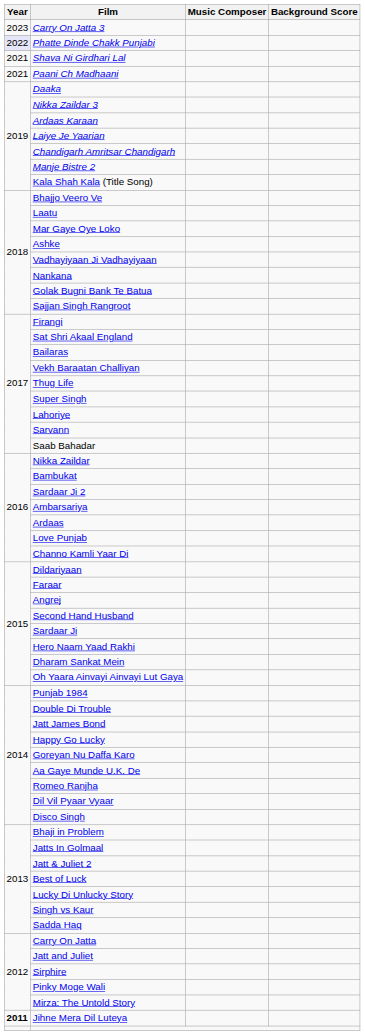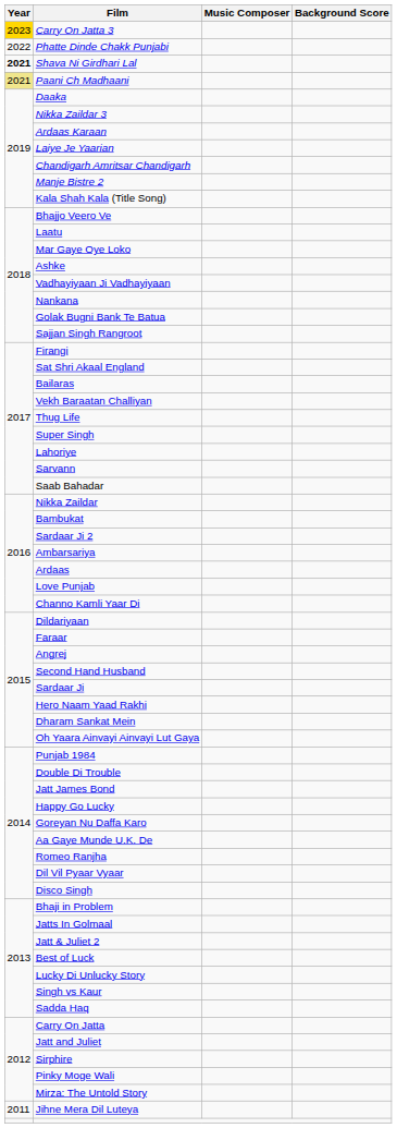 <table class="wikitable sortable">
 <tr>
 <th>Year</th>
 <th>Film</th>
 <th>Music Composer</th>
 <th>Background Score</th>
 </tr>
 <tr>
-<td>2023</td>
+<td style="background: gold;">2023</td>
 <td><a href='#'><em>Carry On Jatta 3</em></a></td>
 <td></td>
 <td></td>
 </tr>
 <tr>
-<td style="background: lavender;">2022</td>
+<td>2022</td>
 <td><em><a href='#'>Phatte Dinde Chakk Punjabi</a></em></td>
 <td></td>
 <td></td>
 </tr>
 <tr>
-<td>2021</td>
+<td><strong>2021</strong></td>
 <td><em><a href='#'>Shava Ni Girdhari Lal</a></em></td>
 <td></td>
 <td></td>
 </tr>
 <tr>
-<td>2021</td>
+<td style="background: khaki;">2021</td>
 <td><em><a href='#'>Paani Ch Madhaani</a></em></td>
 <td></td>
 <td></td>
 </tr>
 <tr>
 <td rowspan="7">2019</td>
 <td><em><a href='#'>Daaka</a></em></td>
 <td></td>
 <td></td>
 </tr>
 <tr>
 <td><em><a href='#'>Nikka Zaildar 3</a></em></td>
 <td></td>
 <td></td>
 </tr>
 <tr>
 <td><em><a href='#'>Ardaas Karaan</a></em></td>
 <td></td>
 <td></td>
 </tr>
 <tr>
 <td><em><a href='#'>Laiye Je Yaarian</a></em></td>
 <td></td>
 <td></td>
 </tr>
 <tr>
 <td><em><a href='#'>Chandigarh Amritsar Chandigarh</a></em></td>
 <td></td>
 <td></td>
 </tr>
 <tr>
 <td><em><a href='#'>Manje Bistre 2</a></em></td>
 <td></td>
 <td></td>
 </tr>
 <tr>
 <td><a href='#'>Kala Shah Kala</a> (Title Song)</td>
 <td></td>
 <td></td>
 </tr>
 <tr>
 <td rowspan= "8">2018</td>
 <td><a href='#'>Bhajjo Veero Ve</a></td>
 <td></td>
 <td></td>
 </tr>
 <tr>
 <td><a href='#'>Laatu</a></td>
 <td></td>
 <td></td>
 </tr>
 <tr>
 <td><a href='#'>Mar Gaye Oye Loko</a></td>
 <td></td>
 <td></td>
 </tr>
 <tr>
 <td><a href='#'>Ashke</a></td>
 <td></td>
 <td></td>
 </tr>
 <tr>
 <td><a href='#'>Vadhayiyaan Ji Vadhayiyaan</a></td>
 <td></td>
 <td></td>
 </tr>
 <tr>
 <td><a href='#'>Nankana</a></td>
 <td></td>
 <td></td>
 </tr>
 <tr>
 <td><a href='#'>Golak Bugni Bank Te Batua</a></td>
 <td></td>
 <td></td>
 </tr>
 <tr>
 <td><a href='#'>Sajjan Singh Rangroot</a></td>
 <td></td>
 <td></td>
 </tr>
 <tr>
 <td rowspan= "9">2017</td>
 <td><a href='#'>Firangi</a></td>
 <td></td>
 <td></td>
 </tr>
 <tr>
 <td><a href='#'>Sat Shri Akaal England</a></td>
 <td></td>
 <td></td>
 </tr>
 <tr>
 <td><a href='#'>Bailaras</a></td>
 <td></td>
 <td></td>
 </tr>
 <tr>
 <td><a href='#'>Vekh Baraatan Challiyan</a></td>
 <td></td>
 <td></td>
 </tr>
 <tr>
 <td><a href='#'>Thug Life</a></td>
 <td></td>
 <td></td>
 </tr>
 <tr>
 <td><a href='#'>Super Singh</a></td>
 <td></td>
 <td></td>
 </tr>
 <tr>
 <td><a href='#'>Lahoriye</a></td>
 <td></td>
 <td></td>
 </tr>
 <tr>
 <td><a href='#'>Sarvann</a></td>
 <td></td>
 <td></td>
 </tr>
 <tr>
 <td>Saab Bahadar</td>
 <td></td>
 <td></td>
 </tr>
 <tr>
 <td rowspan="7">2016</td>
 <td><a href='#'>Nikka Zaildar</a></td>
 <td></td>
 <td></td>
 </tr>
 <tr>
 <td><a href='#'>Bambukat</a></td>
 <td></td>
 <td></td>
 </tr>
 <tr>
 <td><a href='#'>Sardaar Ji 2</a></td>
 <td></td>
 <td></td>
 </tr>
 <tr>
 <td><a href='#'>Ambarsariya</a></td>
 <td></td>
 <td></td>
 </tr>
 <tr>
 <td><a href='#'>Ardaas</a></td>
 <td></td>
 <td></td>
 </tr>
 <tr>
 <td><a href='#'>Love Punjab</a></td>
 <td></td>
 <td></td>
 </tr>
 <tr>
 <td><a href='#'>Channo Kamli Yaar Di</a></td>
 <td></td>
 <td></td>
 </tr>
 <tr>
 <td rowspan="8">2015</td>
 <td><a href='#'>Dildariyaan</a></td>
 <td></td>
 <td></td>
 </tr>
 <tr>
 <td><a href='#'>Faraar</a></td>
 <td></td>
 <td></td>
 </tr>
 <tr>
 <td><a href='#'>Angrej</a></td>
 <td></td>
 <td></td>
 </tr>
 <tr>
 <td><a href='#'>Second Hand Husband</a></td>
 <td></td>
 <td></td>
 </tr>
 <tr>
 <td><a href='#'>Sardaar Ji</a></td>
 <td></td>
 <td></td>
 </tr>
 <tr>
 <td><a href='#'>Hero Naam Yaad Rakhi</a></td>
 <td></td>
 <td></td>
 </tr>
 <tr>
 <td><a href='#'>Dharam Sankat Mein</a></td>
 <td></td>
 <td></td>
 </tr>
 <tr>
 <td><a href='#'>Oh Yaara Ainvayi Ainvayi Lut Gaya</a></td>
 <td></td>
 <td></td>
 </tr>
 <tr>
 <td rowspan="9">2014</td>
 <td><a href='#'>Punjab 1984</a></td>
 <td></td>
 <td></td>
 </tr>
 <tr>
 <td><a href='#'>Double Di Trouble</a></td>
 <td></td>
 <td></td>
 </tr>
 <tr>
 <td><a href='#'>Jatt James Bond</a></td>
 <td></td>
 <td></td>
 </tr>
 <tr>
 <td><a href='#'>Happy Go Lucky</a></td>
 <td></td>
 <td></td>
 </tr>
 <tr>
 <td><a href='#'>Goreyan Nu Daffa Karo</a></td>
 <td></td>
 <td></td>
 </tr>
 <tr>
 <td><a href='#'>Aa Gaye Munde U.K. De</a></td>
 <td></td>
 <td></td>
 </tr>
 <tr>
 <td><a href='#'>Romeo Ranjha</a></td>
 <td></td>
 <td></td>
 </tr>
 <tr>
 <td><a href='#'>Dil Vil Pyaar Vyaar</a></td>
 <td></td>
 <td></td>
 </tr>
 <tr>
 <td><a href='#'>Disco Singh</a></td>
 <td></td>
 <td></td>
 </tr>
 <tr>
 <td rowspan="7">2013</td>
 <td><a href='#'>Bhaji in Problem</a></td>
 <td></td>
 <td></td>
 </tr>
 <tr>
 <td><a href='#'>Jatts In Golmaal</a></td>
 <td></td>
 <td></td>
 </tr>
 <tr>
 <td><a href='#'>Jatt & Juliet 2</a></td>
 <td></td>
 <td></td>
 </tr>
 <tr>
 <td><a href='#'>Best of Luck</a></td>
 <td></td>
 <td></td>
 </tr>
 <tr>
 <td><a href='#'>Lucky Di Unlucky Story</a></td>
 <td></td>
 <td></td>
 </tr>
 <tr>
 <td><a href='#'>Singh vs Kaur</a></td>
 <td></td>
 <td></td>
 </tr>
 <tr>
 <td><a href='#'>Sadda Haq</a></td>
 <td></td>
 <td></td>
 </tr>
 <tr>
 <td rowspan="5">2012</td>
 <td><a href='#'>Carry On Jatta</a></td>
 <td></td>
 <td></td>
 </tr>
 <tr>
 <td><a href='#'>Jatt and Juliet</a></td>
 <td></td>
 <td></td>
 </tr>
 <tr>
 <td><a href='#'>Sirphire</a></td>
 <td></td>
 <td></td>
 </tr>
 <tr>
 <td><a href='#'>Pinky Moge Wali</a></td>
 <td></td>
 <td></td>
 </tr>
 <tr>
 <td><a href='#'>Mirza: The Untold Story</a></td>
 <td></td>
 <td></td>
 </tr>
 <tr>
-<td><strong>2011</strong></td>
+<td>2011</td>
 <td><a href='#'>Jihne Mera Dil Luteya</a></td>
 <td></td>
 <td></td>
 </tr>
 <tr>
 <td></td>
 </tr>
 </table>
